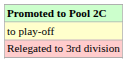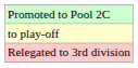 <table class="wikitable">
 <tr>
 </tr>
 <tr width=10px bgcolor="#ccffcc">
-<td><strong>Promoted to Pool 2C</strong></td>
+<td>Promoted to Pool 2C</td>
 </tr>
 <tr width=10px bgcolor="#ffffcc">
 <td>to play-off</td>
 </tr>
 <tr width=10px bgcolor="#ffcccc">
 <td>Relegated to 3rd division</td>
 </tr>
 <tr>
 </tr>
 <tr>
 </tr>
 </table>
